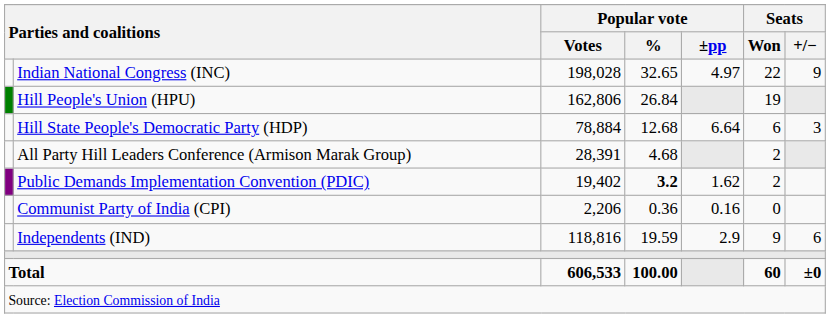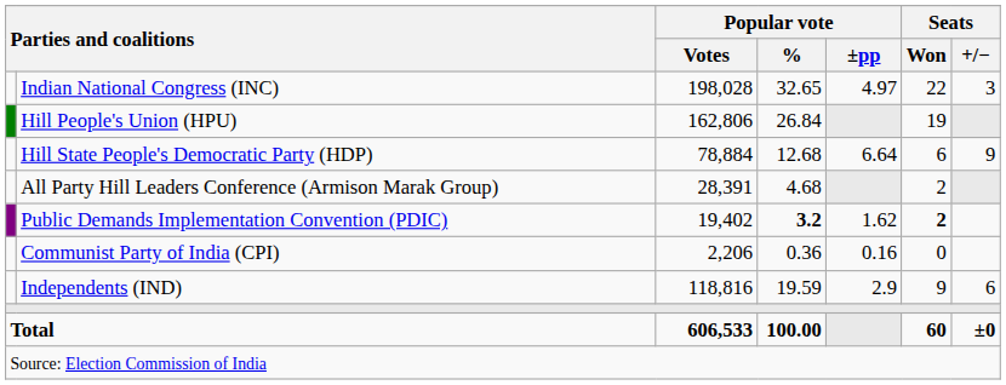 <table class="wikitable" style="text-align:right; font-size:95%;">
 <tr>
 </tr>
 <tr>
 <th style="text-align:left;" rowspan="2" colspan="2" width="485">Parties and coalitions</th>
 <th colspan="3">Popular vote</th>
 <th colspan="2">Seats</th>
 </tr>
 <tr>
 <th width="70">Votes</th>
 <th width="45">%</th>
 <th width="50">±<a href='#'>pp</a></th>
 <th width="30">Won</th>
 <th width="30">+/−</th>
 </tr>
 <tr>
 <td width="1" style="color:inherit;background:"></td>
 <td align="left"><a href='#'>Indian National Congress</a> (INC)</td>
 <td>198,028</td>
 <td>32.65</td>
 <td>4.97 </td>
 <td>22</td>
-<td>9 </td>
+<td>3 </td>
 </tr>
 <tr>
 <td width="1" bgcolor="green"></td>
 <td align="left"><a href='#'>Hill People's Union</a> (HPU)</td>
 <td>162,806</td>
 <td>26.84</td>
 <td style="color:inherit;background:#E9E9E9"></td>
 <td>19</td>
 <td style="color:inherit;background:#E9E9E9"></td>
 </tr>
 <tr>
 <td width="1"></td>
 <td align="left"><a href='#'>Hill State People's Democratic Party</a> (HDP)</td>
 <td>78,884</td>
 <td>12.68</td>
 <td>6.64 </td>
 <td>6</td>
-<td>3 </td>
+<td>9 </td>
 </tr>
 <tr>
 <td width="1"></td>
 <td align="left">All Party Hill Leaders Conference (Armison Marak Group)</td>
 <td>28,391</td>
 <td>4.68</td>
 <td style="color:inherit;background:#E9E9E9"></td>
 <td>2</td>
 <td style="color:inherit;background:#E9E9E9"></td>
 </tr>
 <tr>
 <td width="1" bgcolor="purple"></td>
 <td align="left"><a href='#'>Public Demands Implementation Convention (PDIC)</a></td>
 <td>19,402</td>
 <td><strong>3.2</strong></td>
 <td>1.62 </td>
-<td>2</td>
+<td><strong>2</strong></td>
 <td></td>
 </tr>
 <tr>
 <td></td>
 <td align="left"><a href='#'>Communist Party of India</a> (CPI)</td>
 <td>2,206</td>
 <td>0.36</td>
 <td>0.16 </td>
 <td>0</td>
 <td></td>
 </tr>
 <tr>
 <td></td>
 <td align="left"><a href='#'>Independents</a> (IND)</td>
 <td>118,816</td>
 <td>19.59</td>
 <td>2.9 </td>
 <td>9</td>
 <td>6 </td>
 </tr>
 <tr>
 <td colspan="7" bgcolor="#E9E9E9"></td>
 </tr>
 <tr style="font-weight:bold;">
 <td align="left" colspan="2">Total</td>
 <td>606,533</td>
 <td>100.00</td>
 <td bgcolor="#E9E9E9"></td>
 <td>60</td>
 <td>±0</td>
 </tr>
 <tr>
 <td style="text-align:left;" colspan="7"><small>Source: <a href='#'>Election Commission of India</a></small></td>
 </tr>
 </table>
